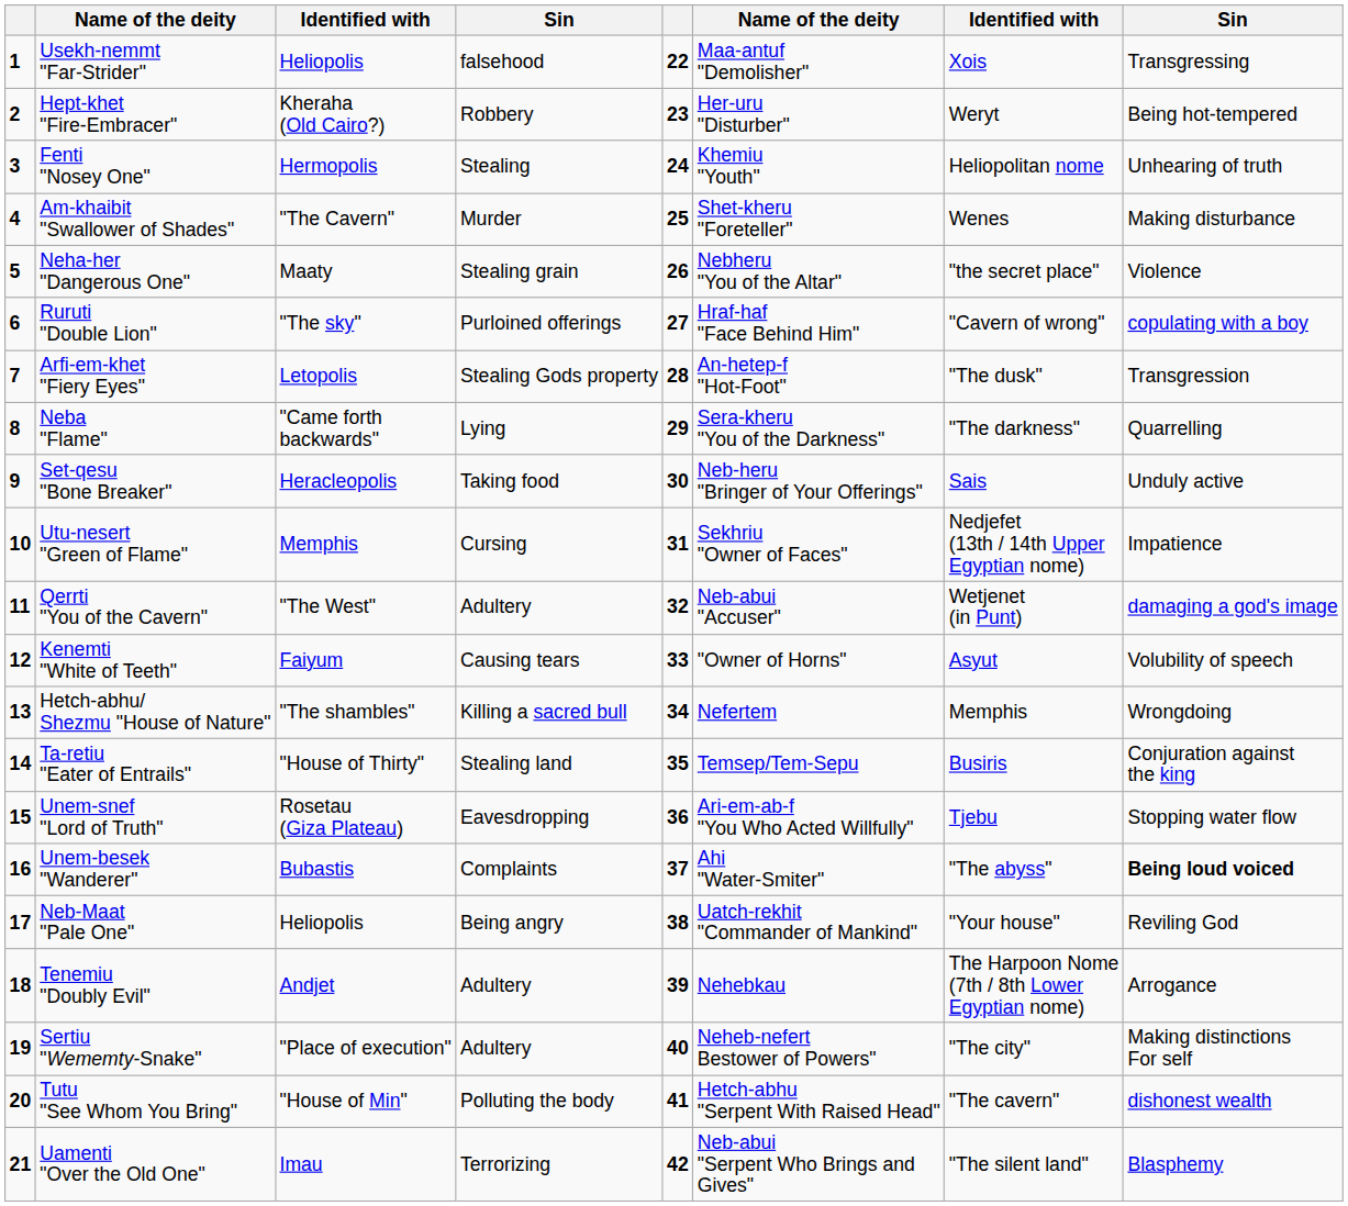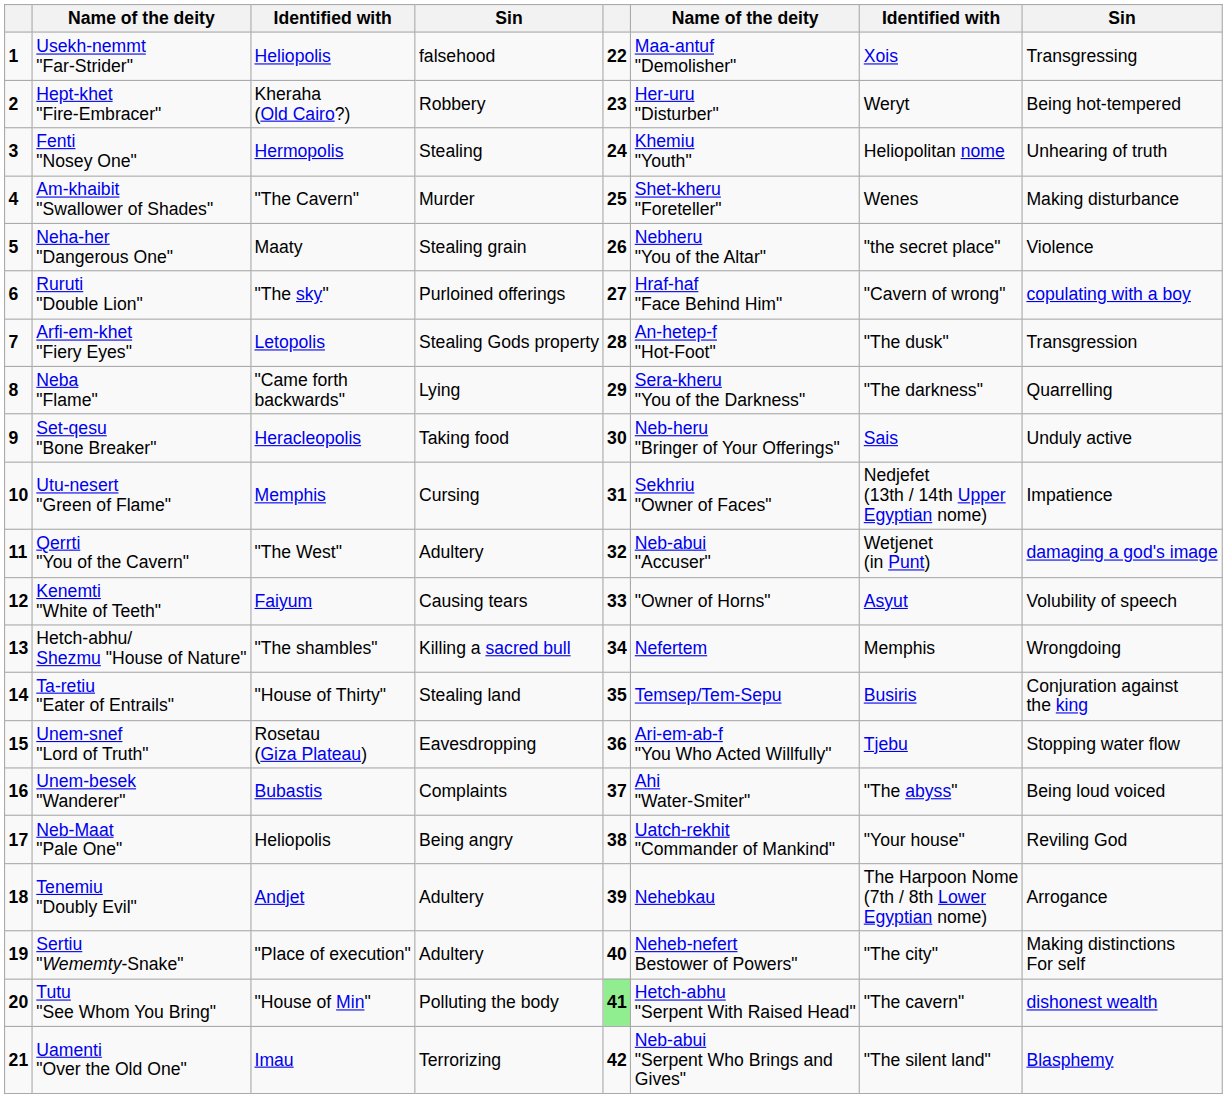 <table class="wikitable">
 <tr>
 <th></th>
 <th>Name of the deity</th>
 <th>Identified with</th>
 <th>Sin</th>
 <th></th>
 <th>Name of the deity</th>
 <th>Identified with</th>
 <th>Sin</th>
 </tr>
 <tr>
 <td><strong>1</strong></td>
 <td><a href='#'>Usekh-nemmt</a><br>"Far-Strider"</td>
 <td><a href='#'>Heliopolis</a></td>
 <td>falsehood</td>
 <td><strong>22</strong></td>
 <td><a href='#'>Maa-antuf</a><br>"Demolisher"</td>
 <td><a href='#'>Xois</a></td>
 <td>Transgressing</td>
 </tr>
 <tr>
 <td><strong>2</strong></td>
 <td><a href='#'>Hept-khet</a><br>"Fire-Embracer"</td>
 <td>Kheraha<br>(<a href='#'>Old Cairo</a>?)</td>
 <td>Robbery</td>
 <td><strong>23</strong></td>
 <td><a href='#'>Her-uru</a><br>"Disturber"</td>
 <td>Weryt</td>
 <td>Being hot-tempered</td>
 </tr>
 <tr>
 <td><strong>3</strong></td>
 <td><a href='#'>Fenti</a><br>"Nosey One"</td>
 <td><a href='#'>Hermopolis</a></td>
 <td>Stealing</td>
 <td><strong>24</strong></td>
 <td><a href='#'>Khemiu</a><br>"Youth"</td>
 <td>Heliopolitan <a href='#'>nome</a></td>
 <td>Unhearing of truth</td>
 </tr>
 <tr>
 <td><strong>4</strong></td>
 <td><a href='#'>Am-khaibit</a><br>"Swallower of Shades"</td>
 <td>"The Cavern"</td>
 <td>Murder</td>
 <td><strong>25</strong></td>
 <td><a href='#'>Shet-kheru</a><br>"Foreteller"</td>
 <td>Wenes</td>
 <td>Making disturbance</td>
 </tr>
 <tr>
 <td><strong>5</strong></td>
 <td><a href='#'>Neha-her</a><br>"Dangerous One"</td>
 <td>Maaty</td>
 <td>Stealing grain</td>
 <td><strong>26</strong></td>
 <td><a href='#'>Nebheru</a><br>"You of the Altar"</td>
 <td>"the secret place"</td>
 <td>Violence</td>
 </tr>
 <tr>
 <td><strong>6</strong></td>
 <td><a href='#'>Ruruti</a><br>"Double Lion"</td>
 <td>"The <a href='#'>sky</a>"</td>
 <td>Purloined offerings</td>
 <td><strong>27</strong></td>
 <td><a href='#'>Hraf-haf</a><br>"Face Behind Him"</td>
 <td>"Cavern of wrong"</td>
 <td><a href='#'>copulating with a boy</a></td>
 </tr>
 <tr>
 <td><strong>7</strong></td>
 <td><a href='#'>Arfi-em-khet</a><br>"Fiery Eyes"</td>
 <td><a href='#'>Letopolis</a></td>
 <td>Stealing Gods property</td>
 <td><strong>28</strong></td>
 <td><a href='#'>An-hetep-f</a><br>"Hot-Foot"</td>
 <td>"The dusk"</td>
 <td>Transgression</td>
 </tr>
 <tr>
 <td><strong>8</strong></td>
 <td><a href='#'>Neba</a><br>"Flame"</td>
 <td>"Came forth<br>backwards"</td>
 <td>Lying</td>
 <td><strong>29</strong></td>
 <td><a href='#'>Sera-kheru</a><br>"You of the Darkness"</td>
 <td>"The darkness"</td>
 <td>Quarrelling</td>
 </tr>
 <tr>
 <td><strong>9</strong></td>
 <td><a href='#'>Set-qesu</a><br>"Bone Breaker"</td>
 <td><a href='#'>Heracleopolis</a></td>
 <td>Taking food</td>
 <td><strong>30</strong></td>
 <td><a href='#'>Neb-heru</a><br>"Bringer of Your Offerings"</td>
 <td><a href='#'>Sais</a></td>
 <td>Unduly active</td>
 </tr>
 <tr>
 <td><strong>10</strong></td>
 <td><a href='#'>Utu-nesert</a><br>"Green of Flame"</td>
 <td><a href='#'>Memphis</a></td>
 <td>Cursing</td>
 <td><strong>31</strong></td>
 <td><a href='#'>Sekhriu</a><br>"Owner of Faces"</td>
 <td>Nedjefet<br>(13th / 14th <a href='#'>Upper</a><br><a href='#'>Egyptian</a> nome)</td>
 <td>Impatience</td>
 </tr>
 <tr>
 <td><strong>11</strong></td>
 <td><a href='#'>Qerrti</a><br>"You of the Cavern"</td>
 <td>"The West"</td>
 <td>Adultery</td>
 <td><strong>32</strong></td>
 <td><a href='#'>Neb-abui</a><br>"Accuser"</td>
 <td>Wetjenet<br>(in <a href='#'>Punt</a>)</td>
 <td><a href='#'>damaging a god's image</a></td>
 </tr>
 <tr>
 <td><strong>12</strong></td>
 <td><a href='#'>Kenemti</a><br>"White of Teeth"</td>
 <td><a href='#'>Faiyum</a></td>
 <td>Causing tears</td>
 <td><strong>33</strong></td>
 <td>"Owner of Horns"</td>
 <td><a href='#'>Asyut</a></td>
 <td>Volubility of speech</td>
 </tr>
 <tr>
 <td><strong>13</strong></td>
 <td>Hetch-abhu/<br><a href='#'>Shezmu</a> "House of Nature"</td>
 <td>"The shambles"</td>
 <td>Killing a <a href='#'>sacred bull</a></td>
 <td><strong>34</strong></td>
 <td><a href='#'>Nefertem</a></td>
 <td>Memphis</td>
 <td>Wrongdoing</td>
 </tr>
 <tr>
 <td><strong>14</strong></td>
 <td><a href='#'>Ta-retiu</a><br>"Eater of Entrails"</td>
 <td>"House of Thirty"</td>
 <td>Stealing land</td>
 <td><strong>35</strong></td>
 <td><a href='#'>Temsep/Tem-Sepu</a></td>
 <td><a href='#'>Busiris</a></td>
 <td>Conjuration against<br>the <a href='#'>king</a></td>
 </tr>
 <tr>
 <td><strong>15</strong></td>
 <td><a href='#'>Unem-snef</a><br>"Lord of Truth"</td>
 <td>Rosetau<br>(<a href='#'>Giza Plateau</a>)</td>
 <td>Eavesdropping</td>
 <td><strong>36</strong></td>
 <td><a href='#'>Ari-em-ab-f</a><br>"You Who Acted Willfully"</td>
 <td><a href='#'>Tjebu</a></td>
 <td>Stopping water flow</td>
 </tr>
 <tr>
 <td><strong>16</strong></td>
 <td><a href='#'>Unem-besek</a><br>"Wanderer"</td>
 <td><a href='#'>Bubastis</a></td>
 <td>Complaints</td>
 <td><strong>37</strong></td>
 <td><a href='#'>Ahi</a><br>"Water-Smiter"</td>
 <td>"The <a href='#'>abyss</a>"</td>
-<td><strong>Being loud voiced</strong></td>
+<td>Being loud voiced</td>
 </tr>
 <tr>
 <td><strong>17</strong></td>
 <td><a href='#'>Neb-Maat</a><br>"Pale One"</td>
 <td>Heliopolis</td>
 <td>Being angry</td>
 <td><strong>38</strong></td>
 <td><a href='#'>Uatch-rekhit</a><br>"Commander of Mankind"</td>
 <td>"Your house"</td>
 <td>Reviling God</td>
 </tr>
 <tr>
 <td><strong>18</strong></td>
 <td><a href='#'>Tenemiu</a><br>"Doubly Evil"</td>
 <td><a href='#'>Andjet</a></td>
 <td>Adultery</td>
 <td><strong>39</strong></td>
 <td><a href='#'>Nehebkau</a></td>
 <td>The Harpoon Nome<br>(7th / 8th <a href='#'>Lower</a><br><a href='#'>Egyptian</a> nome)</td>
 <td>Arrogance</td>
 </tr>
 <tr>
 <td><strong>19</strong></td>
 <td><a href='#'>Sertiu</a><br>"<em>Wememty</em>-Snake"</td>
 <td>"Place of execution"</td>
 <td>Adultery</td>
 <td><strong>40</strong></td>
 <td><a href='#'>Neheb-nefert</a><br>Bestower of Powers"</td>
 <td>"The city"</td>
 <td>Making distinctions<br>For self</td>
 </tr>
 <tr>
 <td><strong>20</strong></td>
 <td><a href='#'>Tutu</a><br>"See Whom You Bring"</td>
 <td>"House of <a href='#'>Min</a>"</td>
 <td>Polluting the body</td>
-<td><strong>41</strong></td>
+<td style="background: lightgreen;"><strong>41</strong></td>
 <td><a href='#'>Hetch-abhu</a><br>"Serpent With Raised Head"</td>
 <td>"The cavern"</td>
 <td><a href='#'>dishonest wealth</a></td>
 </tr>
 <tr>
 <td><strong>21</strong></td>
 <td><a href='#'>Uamenti</a><br>"Over the Old One"</td>
 <td><a href='#'>Imau</a></td>
 <td>Terrorizing</td>
 <td><strong>42</strong></td>
 <td><a href='#'>Neb-abui</a><br>"Serpent Who Brings and<br>Gives"</td>
 <td>"The silent land"</td>
 <td><a href='#'>Blasphemy</a></td>
 </tr>
 </table>
